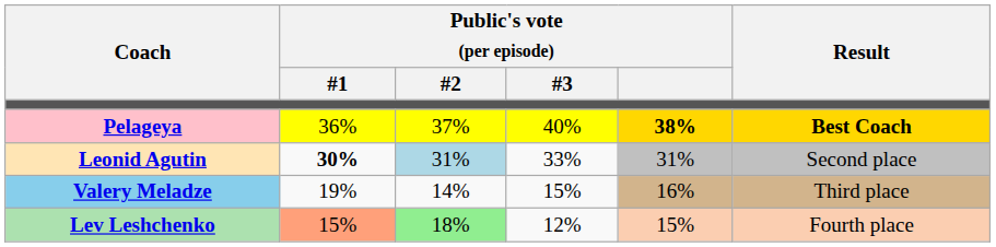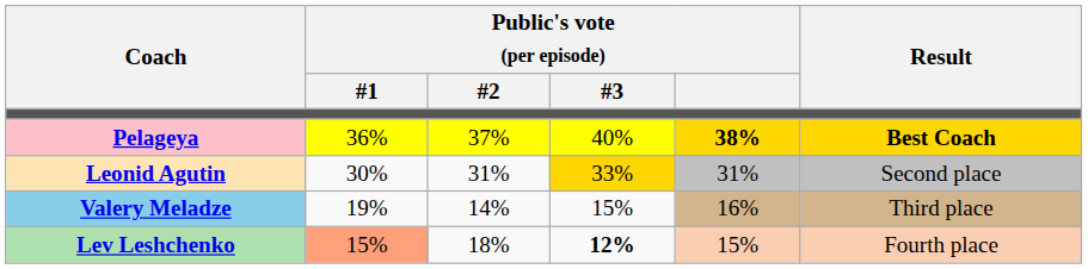 <table class="wikitable sortable" style="text-align:center; width:60%;">
 <tr>
 <th rowspan="2" style="width:10%;">Coach</th>
 <th colspan="4" style="width:16%;">Public's vote<br><sub>(per episode)</sub></th>
 <th rowspan="2" style="width:10%;">Result</th>
 </tr>
 <tr>
 <th style="width:4%;">#1</th>
 <th style="width:4%;">#2</th>
 <th style="width:4%;">#3</th>
 <th style="width:4%;"></th>
 </tr>
 <tr>
 <td colspan="8" style="background:#555;"></td>
 </tr>
 <tr>
 <th style="background:pink;"><a href='#'>Pelageya</a></th>
 <td style="background:yellow;">36%</td>
 <td style="background:yellow;">37%</td>
 <td style="background:yellow;">40%</td>
 <td style="background:gold;"><strong>38%</strong></td>
 <td style="background:gold;"><strong>Best Coach</strong></td>
 </tr>
 <tr>
 <th style="background:#ffe5b4;"><a href='#'>Leonid Agutin</a></th>
-<td><strong>30%</strong></td>
-<td style="background: lightblue;">31%</td>
-<td>33%</td>
+<td>30%</td>
+<td>31%</td>
+<td style="background: gold;">33%</td>
 <td style="background:silver;">31%</td>
 <td style="background:silver;">Second place</td>
 </tr>
 <tr>
 <th style="background:#87ceeb;"><a href='#'>Valery Meladze</a></th>
 <td>19%</td>
 <td>14%</td>
 <td>15%</td>
 <td style="background:tan;">16%</td>
 <td style="background:tan;">Third place</td>
 </tr>
 <tr>
 <th style="background:#ace1af;"><a href='#'>Lev Leshchenko</a></th>
 <td style="background: lightsalmon;">15%</td>
-<td style="background: lightgreen;">18%</td>
-<td>12%</td>
+<td>18%</td>
+<td><strong>12%</strong></td>
 <td style="background:#FBCEB1;">15%</td>
 <td style="background:#FBCEB1;">Fourth place</td>
 </tr>
 </table>
